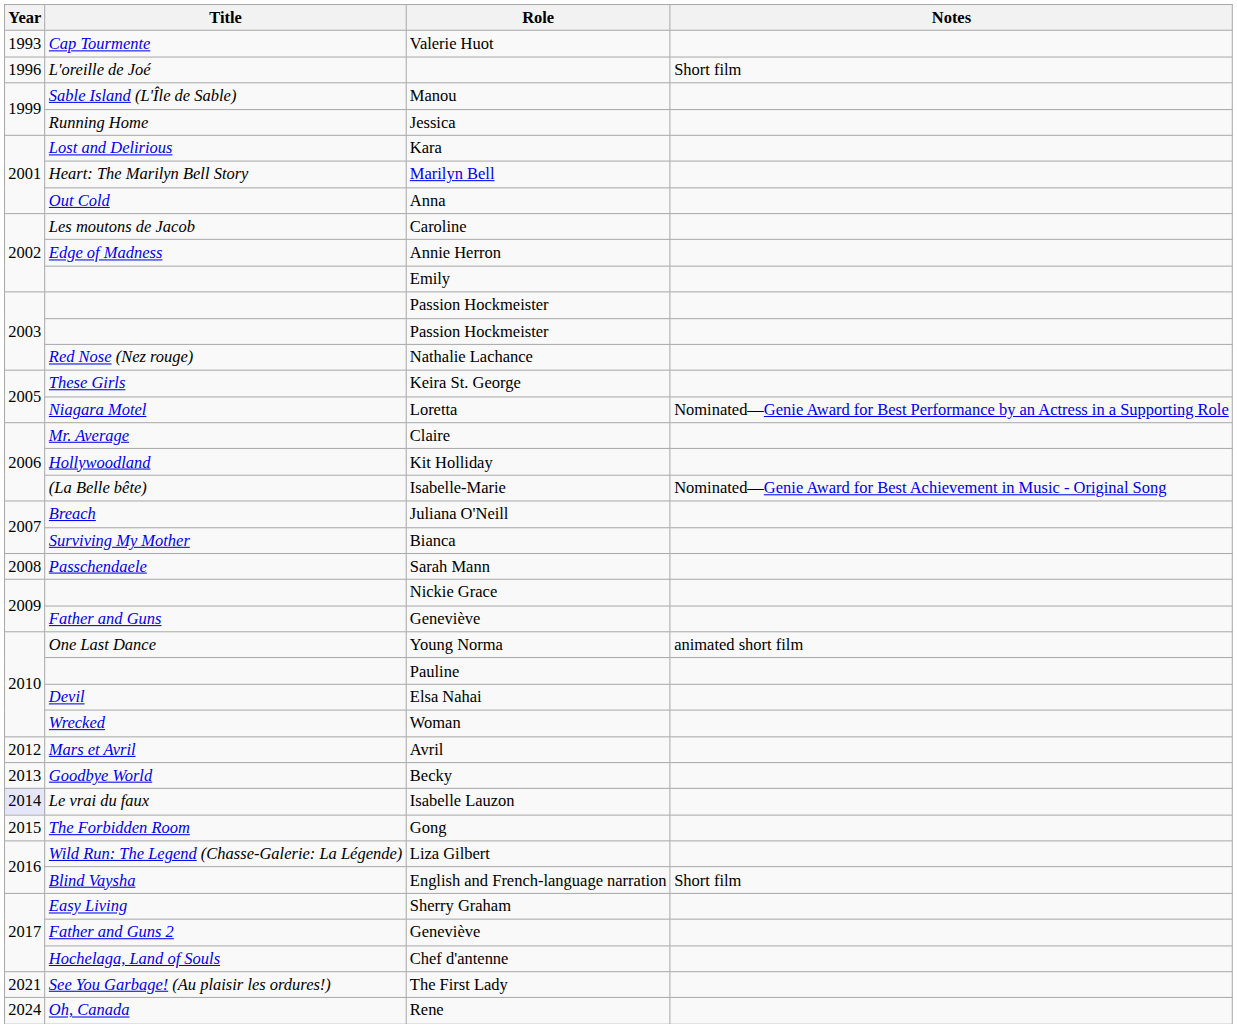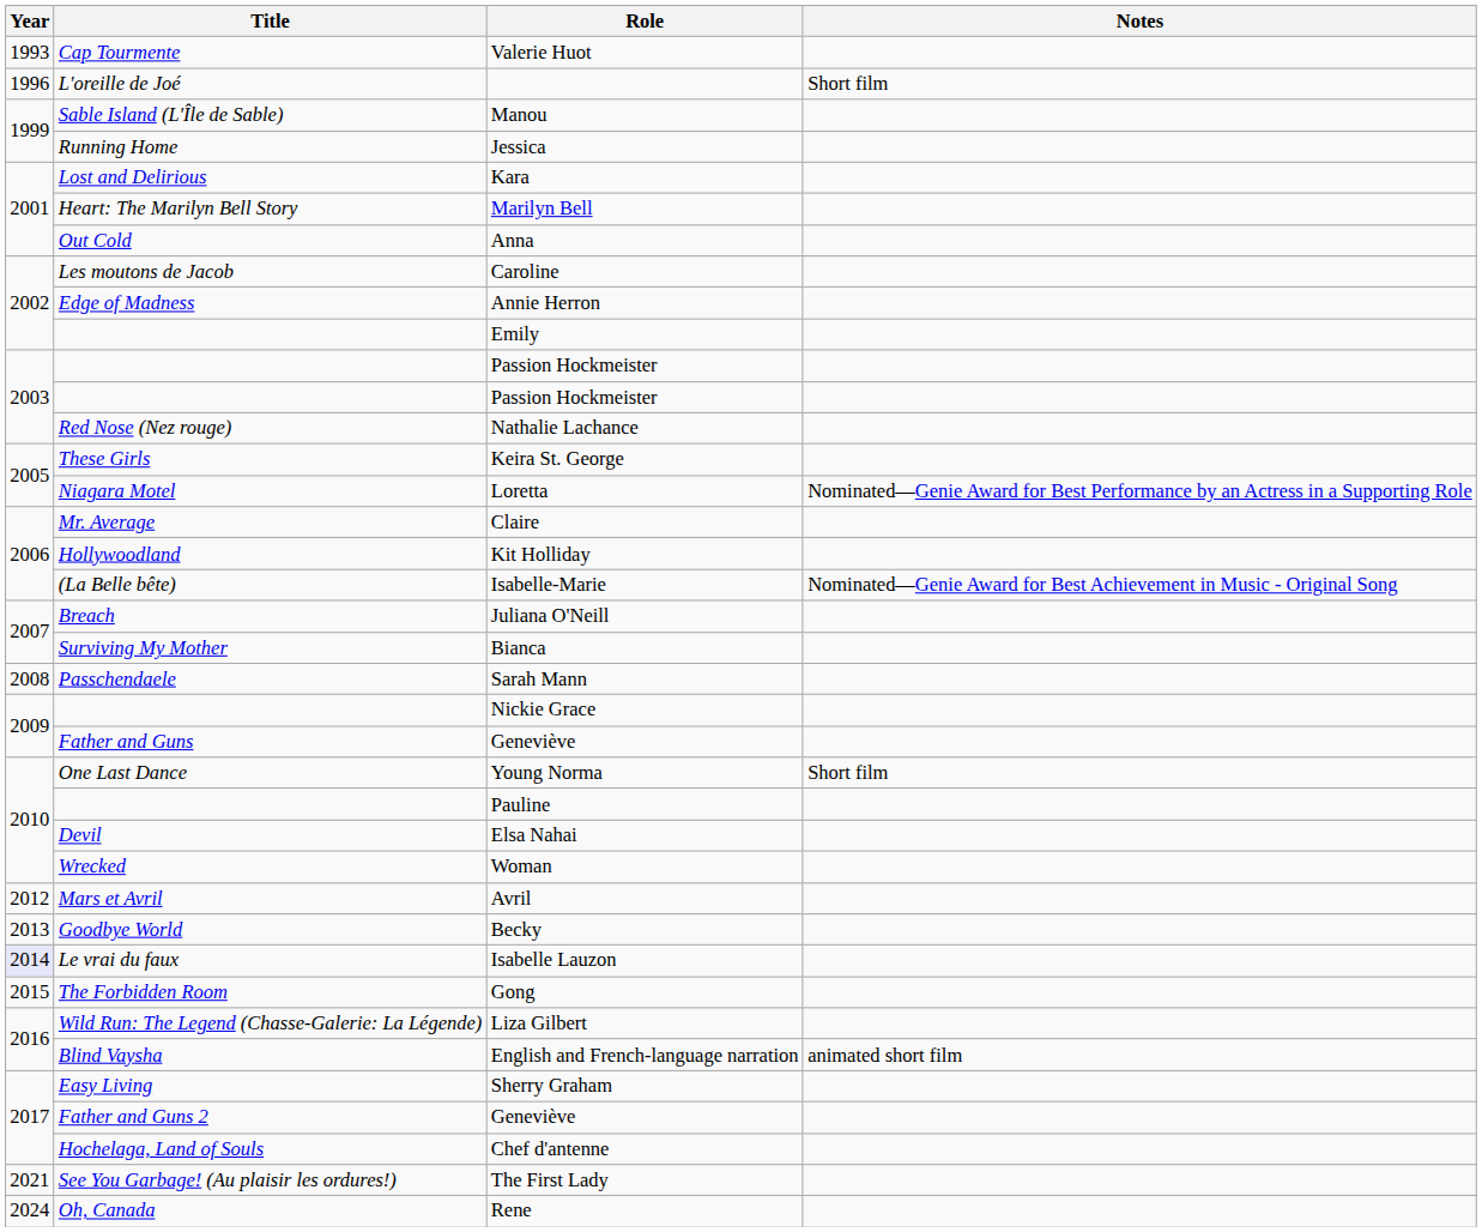 <table class="wikitable sortable">
 <tr>
 <th>Year</th>
 <th>Title</th>
 <th>Role</th>
 <th class="unsortable">Notes</th>
 </tr>
 <tr>
 <td>1993</td>
 <td><em><a href='#'>Cap Tourmente</a></em></td>
 <td>Valerie Huot</td>
 <td></td>
 </tr>
 <tr>
 <td>1996</td>
 <td><em>L'oreille de Joé</em></td>
 <td></td>
 <td>Short film</td>
 </tr>
 <tr>
 <td rowspan="2">1999</td>
 <td><em><a href='#'>Sable Island</a> (L'Île de Sable)</em></td>
 <td>Manou</td>
 <td></td>
 </tr>
 <tr>
 <td><em>Running Home</em></td>
 <td>Jessica</td>
 <td></td>
 </tr>
 <tr>
 <td rowspan="3">2001</td>
 <td><em><a href='#'>Lost and Delirious</a></em></td>
 <td>Kara</td>
 <td></td>
 </tr>
 <tr>
 <td><em>Heart: The Marilyn Bell Story</em></td>
 <td><a href='#'>Marilyn Bell</a></td>
 <td></td>
 </tr>
 <tr>
 <td><em><a href='#'>Out Cold</a></em></td>
 <td>Anna</td>
 <td></td>
 </tr>
 <tr>
 <td rowspan="3">2002</td>
 <td><em>Les moutons de Jacob</em></td>
 <td>Caroline</td>
 <td></td>
 </tr>
 <tr>
 <td><em><a href='#'>Edge of Madness</a></em></td>
 <td>Annie Herron</td>
 <td></td>
 </tr>
 <tr>
 <td><em></em></td>
 <td>Emily</td>
 <td></td>
 </tr>
 <tr>
 <td rowspan="3">2003</td>
 <td><em></em></td>
 <td>Passion Hockmeister</td>
 <td></td>
 </tr>
 <tr>
 <td><em></em></td>
 <td>Passion Hockmeister</td>
 <td></td>
 </tr>
 <tr>
 <td><em><a href='#'>Red Nose</a> (Nez rouge)</em></td>
 <td>Nathalie Lachance</td>
 <td></td>
 </tr>
 <tr>
 <td rowspan="2">2005</td>
 <td><em><a href='#'>These Girls</a></em></td>
 <td>Keira St. George</td>
 <td></td>
 </tr>
 <tr>
 <td><em><a href='#'>Niagara Motel</a></em></td>
 <td>Loretta</td>
 <td>Nominated—<a href='#'>Genie Award for Best Performance by an Actress in a Supporting Role</a></td>
 </tr>
 <tr>
 <td rowspan="3">2006</td>
 <td><em><a href='#'>Mr. Average</a></em></td>
 <td>Claire</td>
 <td></td>
 </tr>
 <tr>
 <td><em><a href='#'>Hollywoodland</a></em></td>
 <td>Kit Holliday</td>
 <td></td>
 </tr>
 <tr>
 <td><em> (La Belle bête)</em></td>
 <td>Isabelle-Marie</td>
 <td>Nominated—<a href='#'>Genie Award for Best Achievement in Music - Original Song</a></td>
 </tr>
 <tr>
 <td rowspan="2">2007</td>
 <td><em><a href='#'>Breach</a></em></td>
 <td>Juliana O'Neill</td>
 <td></td>
 </tr>
 <tr>
 <td><em><a href='#'>Surviving My Mother</a></em></td>
 <td>Bianca</td>
 <td></td>
 </tr>
 <tr>
 <td>2008</td>
 <td><em><a href='#'>Passchendaele</a></em></td>
 <td>Sarah Mann</td>
 <td></td>
 </tr>
 <tr>
 <td rowspan="2">2009</td>
 <td><em></em></td>
 <td>Nickie Grace</td>
 <td></td>
 </tr>
 <tr>
 <td><em><a href='#'>Father and Guns</a></em></td>
 <td>Geneviève</td>
 <td></td>
 </tr>
 <tr>
 <td rowspan="4">2010</td>
 <td><em>One Last Dance</em></td>
 <td>Young Norma</td>
-<td>animated short film</td>
+<td>Short film</td>
 </tr>
 <tr>
 <td><em></em></td>
 <td>Pauline</td>
 <td></td>
 </tr>
 <tr>
 <td><em><a href='#'>Devil</a></em></td>
 <td>Elsa Nahai</td>
 <td></td>
 </tr>
 <tr>
 <td><em><a href='#'>Wrecked</a></em></td>
 <td>Woman</td>
 <td></td>
 </tr>
 <tr>
 <td>2012</td>
 <td><em><a href='#'>Mars et Avril</a></em></td>
 <td>Avril</td>
 <td></td>
 </tr>
 <tr>
 <td>2013</td>
 <td><em><a href='#'>Goodbye World</a></em></td>
 <td>Becky</td>
 <td></td>
 </tr>
 <tr>
 <td style="background: lavender;">2014</td>
 <td><em>Le vrai du faux</em></td>
 <td>Isabelle Lauzon</td>
 <td></td>
 </tr>
 <tr>
 <td>2015</td>
 <td><em><a href='#'>The Forbidden Room</a></em></td>
 <td>Gong</td>
 <td></td>
 </tr>
 <tr>
 <td rowspan="2">2016</td>
 <td><em><a href='#'>Wild Run: The Legend</a> (Chasse-Galerie: La Légende)</em></td>
 <td>Liza Gilbert</td>
 <td></td>
 </tr>
 <tr>
 <td><em><a href='#'>Blind Vaysha</a></em></td>
 <td>English and French-language narration</td>
-<td>Short film</td>
+<td>animated short film</td>
 </tr>
 <tr>
 <td rowspan="3">2017</td>
 <td><em><a href='#'>Easy Living</a></em></td>
 <td>Sherry Graham</td>
 <td></td>
 </tr>
 <tr>
 <td><em><a href='#'>Father and Guns 2</a></em></td>
 <td>Geneviève</td>
 <td></td>
 </tr>
 <tr>
 <td><em><a href='#'>Hochelaga, Land of Souls</a></em></td>
 <td>Chef d'antenne</td>
 <td></td>
 </tr>
 <tr>
 <td>2021</td>
 <td><em><a href='#'>See You Garbage!</a> (Au plaisir les ordures!)</em></td>
 <td>The First Lady</td>
 <td></td>
 </tr>
 <tr>
 <td>2024</td>
 <td><em><a href='#'>Oh, Canada</a></em></td>
 <td>Rene</td>
 <td></td>
 </tr>
 </table>
